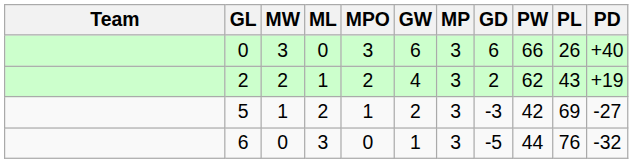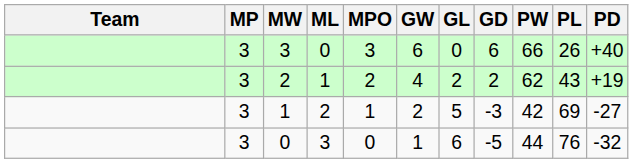 <table class=wikitable style="text-align:center">
 <tr>
 <th width=175>Team</th>
-<th width=20>GL</th>
+<th width=20>MP</th>
 <th width=20>MW</th>
 <th width=20>ML</th>
 <th width=20>MPO</th>
 <th width=20>GW</th>
-<th width=20>MP</th>
+<th width=20>GL</th>
 <th width=20>GD</th>
 <th width=20>PW</th>
 <th width=20>PL</th>
 <th width=20>PD</th>
 </tr>
 <tr bgcolor="#ccffcc">
 <td align=left><strong><br></strong></td>
-<td>0</td>
+<td>3</td>
 <td>3</td>
 <td>0</td>
 <td>3</td>
 <td>6</td>
-<td>3</td>
+<td>0</td>
 <td>6</td>
 <td>66</td>
 <td>26</td>
 <td>+40</td>
 </tr>
 <tr bgcolor="#ccffcc">
 <td align=left><strong><br></strong></td>
-<td>2</td>
+<td>3</td>
 <td>2</td>
 <td>1</td>
 <td>2</td>
 <td>4</td>
-<td>3</td>
+<td>2</td>
 <td>2</td>
 <td>62</td>
 <td>43</td>
 <td>+19</td>
 </tr>
 <tr>
 <td align=left><br></td>
-<td>5</td>
+<td>3</td>
 <td>1</td>
 <td>2</td>
 <td>1</td>
 <td>2</td>
-<td>3</td>
+<td>5</td>
 <td>-3</td>
 <td>42</td>
 <td>69</td>
 <td>-27</td>
 </tr>
 <tr>
 <td align=left><br></td>
-<td>6</td>
+<td>3</td>
 <td>0</td>
 <td>3</td>
 <td>0</td>
 <td>1</td>
-<td>3</td>
+<td>6</td>
 <td>-5</td>
 <td>44</td>
 <td>76</td>
 <td>-32</td>
 </tr>
 </table>
